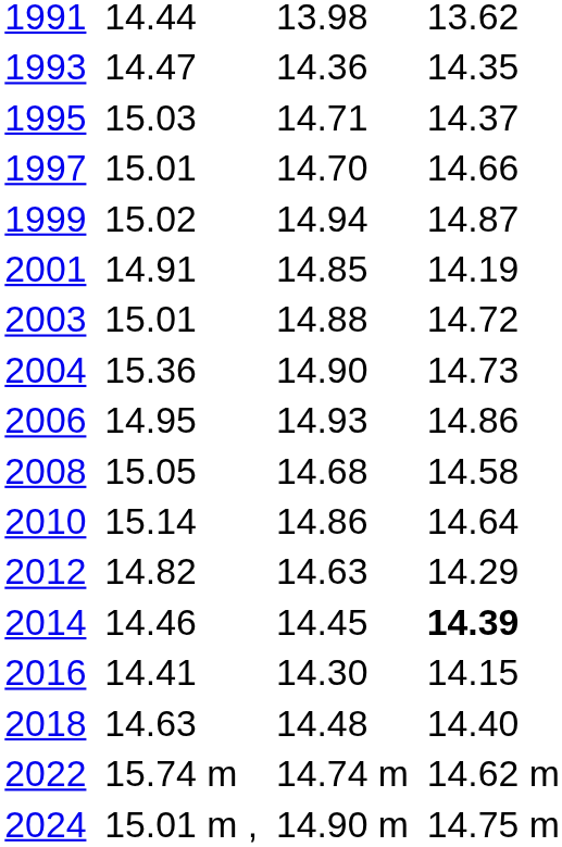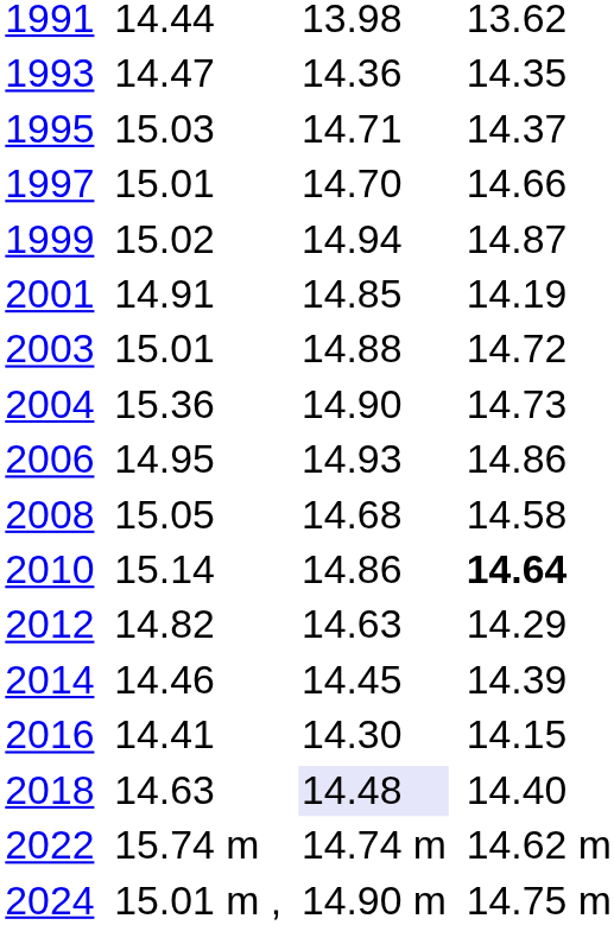 <table>
 <tr valign="top">
 <td><a href='#'>1991</a><br></td>
 <td></td>
 <td>14.44 </td>
 <td></td>
 <td>13.98</td>
 <td></td>
 <td>13.62 </td>
 </tr>
 <tr valign="top">
 <td><a href='#'>1993</a><br></td>
 <td></td>
 <td>14.47 </td>
 <td></td>
 <td>14.36</td>
 <td></td>
 <td>14.35</td>
 </tr>
 <tr valign="top">
 <td><a href='#'>1995</a><br></td>
 <td></td>
 <td>15.03 </td>
 <td></td>
 <td>14.71 </td>
 <td></td>
 <td>14.37 </td>
 </tr>
 <tr valign="top">
 <td><a href='#'>1997</a><br></td>
 <td></td>
 <td>15.01  </td>
 <td></td>
 <td>14.70  </td>
 <td></td>
 <td>14.66  </td>
 </tr>
 <tr valign="top">
 <td><a href='#'>1999</a><br></td>
 <td></td>
 <td>15.02 </td>
 <td></td>
 <td>14.94 </td>
 <td></td>
 <td>14.87 </td>
 </tr>
 <tr valign="top">
 <td><a href='#'>2001</a><br></td>
 <td></td>
 <td>14.91 </td>
 <td></td>
 <td>14.85</td>
 <td></td>
 <td>14.19 </td>
 </tr>
 <tr valign="top">
 <td><a href='#'>2003</a><br></td>
 <td></td>
 <td>15.01 </td>
 <td></td>
 <td>14.88 </td>
 <td></td>
 <td>14.72 </td>
 </tr>
 <tr valign="top">
 <td><a href='#'>2004</a><br></td>
 <td></td>
 <td>15.36 </td>
 <td></td>
 <td>14.90 </td>
 <td></td>
 <td>14.73</td>
 </tr>
 <tr valign="top">
 <td><a href='#'>2006</a><br></td>
 <td></td>
 <td>14.95 </td>
 <td></td>
 <td>14.93 </td>
 <td></td>
 <td>14.86 </td>
 </tr>
 <tr valign="top">
 <td><a href='#'>2008</a><br></td>
 <td></td>
 <td>15.05 </td>
 <td></td>
 <td>14.68</td>
 <td></td>
 <td>14.58 </td>
 </tr>
 <tr valign="top">
 <td><a href='#'>2010</a><br></td>
 <td></td>
 <td>15.14 </td>
 <td></td>
 <td>14.86 </td>
 <td></td>
-<td>14.64 </td>
+<td><strong>14.64 </strong></td>
 </tr>
 <tr valign="top">
 <td><a href='#'>2012</a><br></td>
 <td></td>
 <td>14.82 </td>
 <td></td>
 <td>14.63</td>
 <td></td>
 <td>14.29</td>
 </tr>
 <tr valign="top">
 <td><a href='#'>2014</a><br></td>
 <td></td>
 <td>14.46</td>
 <td></td>
 <td>14.45</td>
 <td></td>
-<td><strong>14.39 </strong></td>
+<td>14.39 </td>
 </tr>
 <tr valign="top">
 <td><a href='#'>2016</a><br></td>
 <td></td>
 <td>14.41</td>
 <td></td>
 <td>14.30 </td>
 <td></td>
 <td>14.15</td>
 </tr>
 <tr valign="top">
 <td><a href='#'>2018</a><br></td>
 <td></td>
 <td>14.63 </td>
 <td></td>
-<td>14.48 </td>
+<td style="background: lavender;">14.48 </td>
 <td></td>
 <td>14.40 </td>
 </tr>
 <tr valign="top">
 <td><a href='#'>2022</a><br></td>
 <td></td>
 <td>15.74 m </td>
 <td></td>
 <td>14.74 m </td>
 <td></td>
 <td>14.62 m </td>
 </tr>
 <tr valign="top">
 <td><a href='#'>2024</a><br></td>
 <td></td>
 <td>15.01 m , </td>
 <td></td>
 <td>14.90 m </td>
 <td></td>
 <td>14.75 m </td>
 </tr>
 </table>
